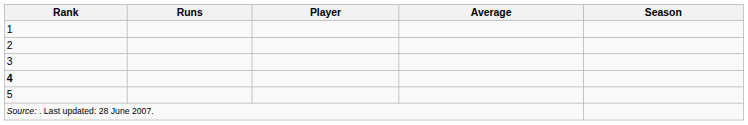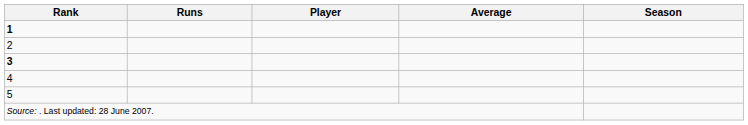 <table class="wikitable" width=90%>
 <tr>
 <th>Rank</th>
 <th>Runs</th>
 <th>Player</th>
 <th>Average</th>
 <th>Season</th>
 </tr>
 <tr>
-<td>1</td>
+<td><strong>1</strong></td>
 <td></td>
 <td></td>
 <td></td>
 <td></td>
 </tr>
 <tr>
 <td>2</td>
 <td></td>
 <td></td>
 <td></td>
 <td></td>
 </tr>
 <tr>
-<td>3</td>
+<td><strong>3</strong></td>
 <td></td>
 <td></td>
 <td></td>
 <td></td>
 </tr>
 <tr>
-<td><strong>4</strong></td>
+<td>4</td>
 <td></td>
 <td></td>
 <td></td>
 <td></td>
 </tr>
 <tr>
 <td>5</td>
 <td></td>
 <td></td>
 <td></td>
 <td></td>
 </tr>
 <tr>
 <td colspan=4><small><em>Source: </em>. Last updated: 28 June 2007.</small></td>
 </tr>
 </table>
